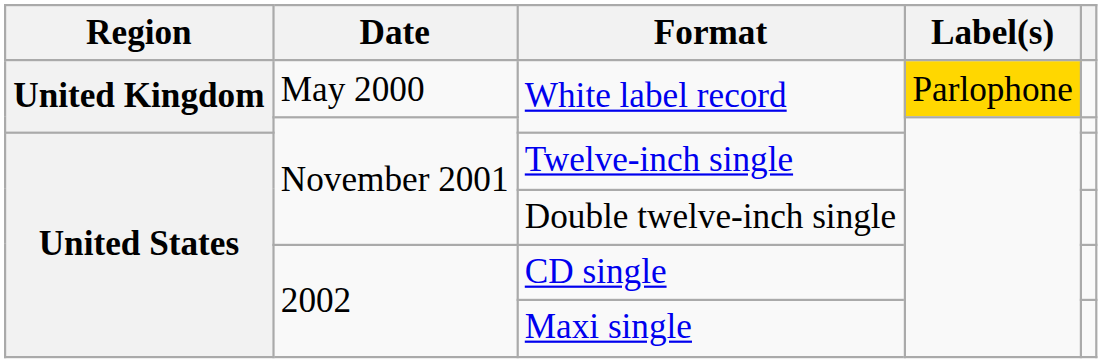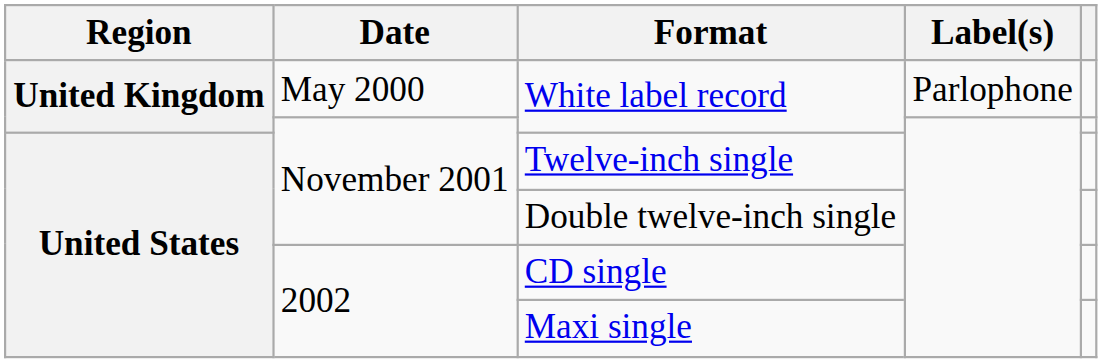 <table class="wikitable plainrowheaders">
 <tr>
 <th scope="col">Region</th>
 <th scope="col">Date</th>
 <th scope="col">Format</th>
 <th scope="col">Label(s)</th>
 <th scope="col"></th>
 </tr>
 <tr>
 <th scope="row" rowspan="2">United Kingdom</th>
 <td>May 2000</td>
 <td rowspan="2"><a href='#'>White label record</a></td>
-<td style="background: gold;">Parlophone</td>
+<td>Parlophone</td>
 <td></td>
 </tr>
 <tr>
 <td rowspan="3">November 2001</td>
 <td rowspan="5"></td>
 <td></td>
 </tr>
 <tr>
 <th scope="row" rowspan="4">United States</th>
 <td><a href='#'>Twelve-inch single</a></td>
 <td></td>
 </tr>
 <tr>
 <td>Double twelve-inch single</td>
 <td></td>
 </tr>
 <tr>
 <td rowspan="2">2002</td>
 <td><a href='#'>CD single</a></td>
 <td></td>
 </tr>
 <tr>
 <td><a href='#'>Maxi single</a></td>
 <td></td>
 </tr>
 </table>
